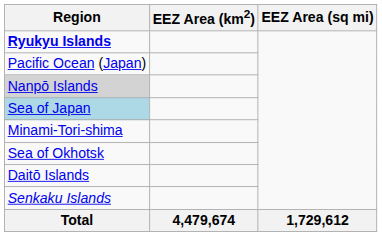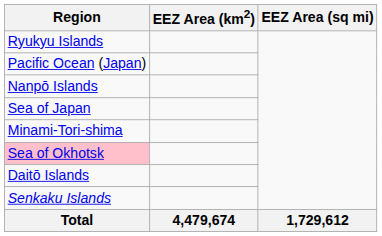 <table class="wikitable">
 <tr>
 <th>Region</th>
 <th>EEZ Area (km<sup>2</sup>)</th>
 <th>EEZ Area (sq mi)</th>
 </tr>
 <tr>
-<td><strong><a href='#'>Ryukyu Islands</a></strong></td>
+<td><a href='#'>Ryukyu Islands</a></td>
 <td></td>
 </tr>
 <tr>
 <td><a href='#'>Pacific Ocean</a> (<a href='#'>Japan</a>)</td>
 <td></td>
 </tr>
 <tr>
-<td style="background: lightgrey;"><a href='#'>Nanpō Islands</a></td>
+<td><a href='#'>Nanpō Islands</a></td>
 <td></td>
 </tr>
 <tr>
-<td style="background: lightblue;"><a href='#'>Sea of Japan</a></td>
+<td><a href='#'>Sea of Japan</a></td>
 <td></td>
 </tr>
 <tr>
 <td><a href='#'>Minami-Tori-shima</a></td>
 <td></td>
 </tr>
 <tr>
-<td><a href='#'>Sea of Okhotsk</a></td>
+<td style="background: pink;"><a href='#'>Sea of Okhotsk</a></td>
 <td></td>
 </tr>
 <tr>
 <td><a href='#'>Daitō Islands</a></td>
 <td></td>
 </tr>
 <tr>
 <td><em><a href='#'>Senkaku Islands</a></em></td>
 <td></td>
 </tr>
 <tr>
 <th>Total</th>
 <th>4,479,674</th>
 <th>1,729,612</th>
 </tr>
 </table>
